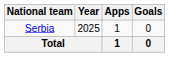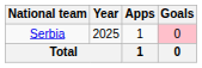 <table class="wikitable" style="text-align:center">
 <tr>
 <th>National team</th>
 <th>Year</th>
 <th>Apps</th>
 <th>Goals</th>
 </tr>
 <tr>
 <td><a href='#'>Serbia</a></td>
 <td>2025</td>
 <td>1</td>
-<td>0</td>
+<td style="background: pink;">0</td>
 </tr>
 <tr>
 <th colspan="2">Total</th>
 <th>1</th>
 <th>0</th>
 </tr>
 </table>
